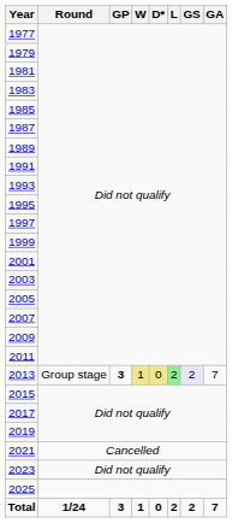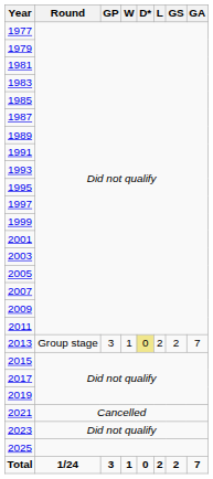 <table class="wikitable" style="text-align: center;">
 <tr>
 <th>Year</th>
 <th>Round</th>
 <th>GP</th>
 <th>W</th>
 <th>D*</th>
 <th>L</th>
 <th>GS</th>
 <th>GA</th>
 </tr>
 <tr>
 <td> <a href='#'>1977</a></td>
 <td rowspan="18" colspan="7"><em>Did not qualify</em></td>
 </tr>
 <tr>
 <td> <a href='#'>1979</a></td>
 </tr>
 <tr>
 <td> <a href='#'>1981</a></td>
 </tr>
 <tr>
 <td> <a href='#'>1983</a></td>
 </tr>
 <tr>
 <td> <a href='#'>1985</a></td>
 </tr>
 <tr>
 <td> <a href='#'>1987</a></td>
 </tr>
 <tr>
 <td> <a href='#'>1989</a></td>
 </tr>
 <tr>
 <td> <a href='#'>1991</a></td>
 </tr>
 <tr>
 <td> <a href='#'>1993</a></td>
 </tr>
 <tr>
 <td> <a href='#'>1995</a></td>
 </tr>
 <tr>
 <td> <a href='#'>1997</a></td>
 </tr>
 <tr>
 <td> <a href='#'>1999</a></td>
 </tr>
 <tr>
 <td> <a href='#'>2001</a></td>
 </tr>
 <tr>
 <td> <a href='#'>2003</a></td>
 </tr>
 <tr>
 <td> <a href='#'>2005</a></td>
 </tr>
 <tr>
 <td> <a href='#'>2007</a></td>
 </tr>
 <tr>
 <td> <a href='#'>2009</a></td>
 </tr>
 <tr>
 <td> <a href='#'>2011</a></td>
 </tr>
 <tr>
 <td> <a href='#'>2013</a></td>
 <td>Group stage</td>
-<td><strong>3</strong></td>
-<td style="background: khaki;">1</td>
+<td>3</td>
+<td>1</td>
 <td style="background: khaki;">0</td>
-<td style="background: lightgreen;">2</td>
-<td style="background: lavender;">2</td>
+<td>2</td>
+<td>2</td>
 <td>7</td>
 </tr>
 <tr>
 <td> <a href='#'>2015</a></td>
 <td rowspan="3" colspan="7"><em>Did not qualify</em></td>
 </tr>
 <tr>
 <td> <a href='#'>2017</a></td>
 </tr>
 <tr>
 <td> <a href='#'>2019</a></td>
 </tr>
 <tr>
 <td> <a href='#'>2021</a></td>
 <td colspan="7"><em>Cancelled</em></td>
 </tr>
 <tr>
 <td> <a href='#'>2023</a></td>
 <td rowspan="1" colspan="7"><em>Did not qualify</em></td>
 </tr>
 <tr>
 <td> <a href='#'>2025</a></td>
 </tr>
 <tr>
 <td><strong>Total</strong></td>
 <td><strong>1/24</strong></td>
 <td><strong>3</strong></td>
 <td><strong>1</strong></td>
 <td><strong>0</strong></td>
 <td><strong>2</strong></td>
 <td><strong>2</strong></td>
 <td><strong>7</strong></td>
 </tr>
 </table>
